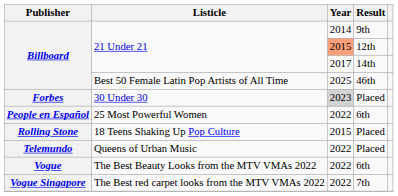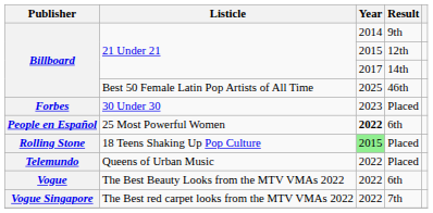 <table class="wikitable plainrowheaders sortable" style="margin-right: 0;">
 <tr>
 <th scope="col">Publisher</th>
 <th scope="col">Listicle</th>
 <th scope="col">Year</th>
 <th scope="col">Result</th>
 <th scope="col" class="unsortable"></th>
 </tr>
 <tr>
 <th rowspan="4" scope="row"><em><a href='#'>Billboard</a></em></th>
 <td rowspan="3"><a href='#'>21 Under 21</a></td>
 <td>2014</td>
 <td>9th</td>
 <td style="text-align:center;"></td>
 </tr>
 <tr>
-<td style="background: lightsalmon;">2015</td>
+<td>2015</td>
 <td>12th</td>
 <td style="text-align:center;"></td>
 </tr>
 <tr>
 <td>2017</td>
 <td>14th</td>
 <td style="text-align:center;"></td>
 </tr>
 <tr>
 <td>Best 50 Female Latin Pop Artists of All Time</td>
 <td>2025</td>
 <td>46th</td>
 <td style="text-align:center;"></td>
 </tr>
 <tr>
 <th rowspan="1" scope="row"><em><a href='#'>Forbes</a></em></th>
 <td><a href='#'>30 Under 30</a></td>
-<td style="background: lightgrey;">2023</td>
+<td>2023</td>
 <td>Placed</td>
 <td style="text-align:center;"></td>
 </tr>
 <tr>
 <th scope="row"><em><a href='#'>People en Español</a></em></th>
 <td>25 Most Powerful Women</td>
-<td>2022</td>
+<td><strong>2022</strong></td>
 <td>6th</td>
 <td style="text-align:center;"></td>
 </tr>
 <tr>
 <th scope="row"><em><a href='#'>Rolling Stone</a></em></th>
 <td>18 Teens Shaking Up <a href='#'>Pop Culture</a></td>
-<td>2015</td>
+<td style="background: lightgreen;">2015</td>
 <td>Placed</td>
 <td style="text-align:center;"></td>
 </tr>
 <tr>
 <th rowspan="1" scope="row"><em><a href='#'>Telemundo</a></em></th>
 <td>Queens of Urban Music</td>
 <td>2022</td>
 <td>Placed</td>
 <td style="text-align:center;"></td>
 </tr>
 <tr>
 <th rowspan="1" scope="row"><em><a href='#'>Vogue</a></em></th>
 <td>The Best Beauty Looks from the MTV VMAs 2022</td>
 <td>2022</td>
 <td>6th</td>
 <td style="text-align:center;"></td>
 </tr>
 <tr>
 <th scope="row"><em><a href='#'>Vogue Singapore</a></em></th>
 <td>The Best red carpet looks from the MTV VMAs 2022</td>
 <td>2022</td>
 <td>7th</td>
 <td style="text-align:center;"></td>
 </tr>
 <tr>
 </tr>
 </table>
